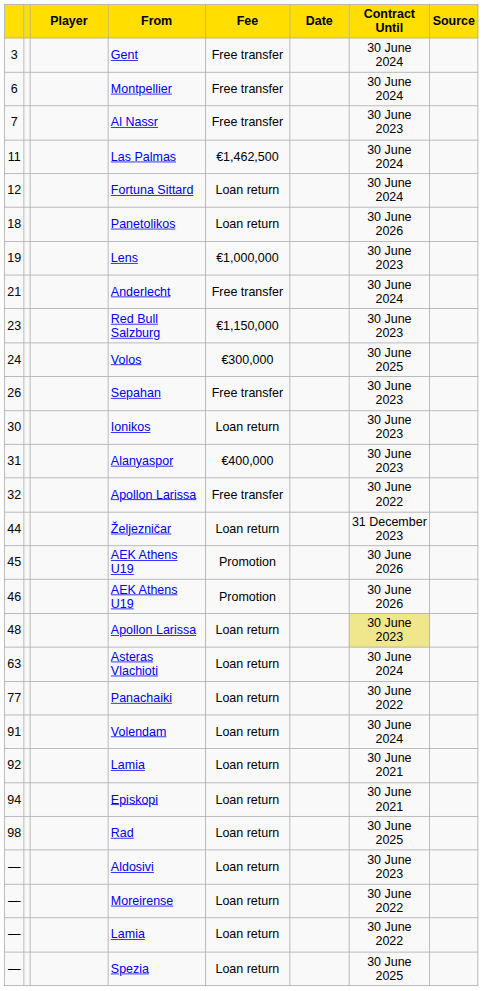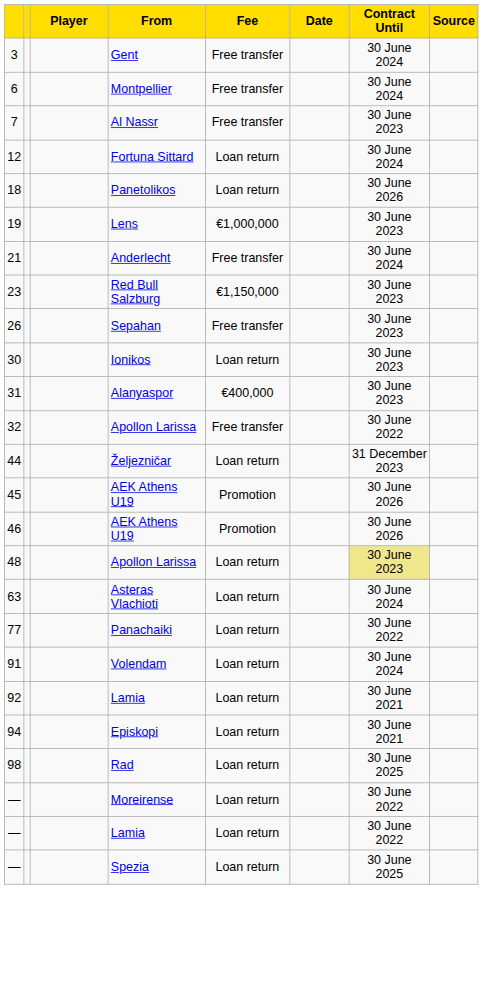 <table class="wikitable sortable">
 <tr>
 <th style="background:#FFDE00"></th>
 <th style="background:#FFDE00"></th>
 <th width=200 style="background:#FFDE00">Player</th>
 <th width=200 style="background:#FFDE00">From</th>
 <th width=150 style="background:#FFDE00">Fee</th>
 <th width=150 style="background:#FFDE00">Date</th>
 <th width=150 style="background:#FFDE00">Contract Until</th>
 <th style="background:#FFDE00">Source</th>
 </tr>
 <tr>
 <td align=center>3</td>
 <td align=center></td>
 <td></td>
 <td> <a href='#'>Gent</a></td>
 <td align=center>Free transfer</td>
 <td align=center></td>
 <td align=center>30 June 2024</td>
 <td align=center></td>
 </tr>
 <tr>
 <td align=center>6</td>
 <td align=center></td>
 <td></td>
 <td> <a href='#'>Montpellier</a></td>
 <td align=center>Free transfer</td>
 <td align=center></td>
 <td align=center>30 June 2024</td>
 <td align=center></td>
 </tr>
 <tr>
 <td align=center>7</td>
 <td align=center></td>
 <td></td>
 <td> <a href='#'>Al Nassr</a></td>
 <td align=center>Free transfer</td>
 <td align=center></td>
 <td align=center>30 June 2023</td>
-<td align=center></td>
-</tr>
-<tr>
-<td align=center>11</td>
-<td align=center></td>
-<td></td>
-<td> <a href='#'>Las Palmas</a></td>
-<td align=center>€1,462,500</td>
-<td align=center></td>
-<td align=center>30 June 2024</td>
 <td align=center></td>
 </tr>
 <tr>
 <td align=center>12</td>
 <td align=center></td>
 <td></td>
 <td> <a href='#'>Fortuna Sittard</a></td>
 <td align=center>Loan return</td>
 <td align=center></td>
 <td align=center>30 June 2024</td>
 <td align=center></td>
 </tr>
 <tr>
 <td align=center>18</td>
 <td align=center></td>
 <td></td>
 <td> <a href='#'>Panetolikos</a></td>
 <td align=center>Loan return</td>
 <td align=center></td>
 <td align=center>30 June 2026</td>
 <td align=center></td>
 </tr>
 <tr>
 <td align=center>19</td>
 <td align=center></td>
 <td></td>
 <td> <a href='#'>Lens</a></td>
 <td align=center>€1,000,000</td>
 <td align=center></td>
 <td align=center>30 June 2023</td>
 <td align=center></td>
 </tr>
 <tr>
 <td align=center>21</td>
 <td align=center></td>
 <td></td>
 <td> <a href='#'>Anderlecht</a></td>
 <td align=center>Free transfer</td>
 <td align=center></td>
 <td align=center>30 June 2024</td>
 <td align=center></td>
 </tr>
 <tr>
 <td align=center>23</td>
 <td align=center></td>
 <td></td>
 <td> <a href='#'>Red Bull Salzburg</a></td>
 <td align=center>€1,150,000</td>
 <td align=center></td>
 <td align=center>30 June 2023</td>
-<td align=center></td>
-</tr>
-<tr>
-<td align=center>24</td>
-<td align=center></td>
-<td></td>
-<td> <a href='#'>Volos</a></td>
-<td align=center>€300,000</td>
-<td align=center></td>
-<td align=center>30 June 2025</td>
 <td align=center></td>
 </tr>
 <tr>
 <td align=center>26</td>
 <td align=center></td>
 <td></td>
 <td> <a href='#'>Sepahan</a></td>
 <td align=center>Free transfer</td>
 <td align=center></td>
 <td align=center>30 June 2023</td>
 <td align=center></td>
 </tr>
 <tr>
 <td align=center>30</td>
 <td align=center></td>
 <td></td>
 <td> <a href='#'>Ionikos</a></td>
 <td align=center>Loan return</td>
 <td align=center></td>
 <td align=center>30 June 2023</td>
 <td align=center></td>
 </tr>
 <tr>
 <td align=center>31</td>
 <td align=center></td>
 <td></td>
 <td> <a href='#'>Alanyaspor</a></td>
 <td align=center>€400,000</td>
 <td align=center></td>
 <td align=center>30 June 2023</td>
 <td align=center></td>
 </tr>
 <tr>
 <td align=center>32</td>
 <td align=center></td>
 <td></td>
 <td> <a href='#'>Apollon Larissa</a></td>
 <td align=center>Free transfer</td>
 <td align=center></td>
 <td align=center>30 June 2022</td>
 <td align=center></td>
 </tr>
 <tr>
 <td align=center>44</td>
 <td align=center></td>
 <td></td>
 <td> <a href='#'>Željezničar</a></td>
 <td align=center>Loan return</td>
 <td align=center></td>
 <td align=center>31 December 2023</td>
 <td align=center></td>
 </tr>
 <tr>
 <td align=center>45</td>
 <td align=center></td>
 <td></td>
 <td> <a href='#'>AEK Athens U19</a></td>
 <td align=center>Promotion</td>
 <td align=center></td>
 <td align=center>30 June 2026</td>
 <td align=center></td>
 </tr>
 <tr>
 <td align=center>46</td>
 <td align=center></td>
 <td></td>
 <td> <a href='#'>AEK Athens U19</a></td>
 <td align=center>Promotion</td>
 <td align=center></td>
 <td align=center>30 June 2026</td>
 <td align=center></td>
 </tr>
 <tr>
 <td align=center>48</td>
 <td align=center></td>
 <td></td>
 <td> <a href='#'>Apollon Larissa</a></td>
 <td align=center>Loan return</td>
 <td align=center></td>
 <td align=center style="background: khaki;">30 June 2023</td>
 <td align=center></td>
 </tr>
 <tr>
 <td align=center>63</td>
 <td align=center></td>
 <td></td>
 <td> <a href='#'>Asteras Vlachioti</a></td>
 <td align=center>Loan return</td>
 <td align=center></td>
 <td align=center>30 June 2024</td>
 <td align=center></td>
 </tr>
 <tr>
 <td align=center>77</td>
 <td align=center></td>
 <td></td>
 <td> <a href='#'>Panachaiki</a></td>
 <td align=center>Loan return</td>
 <td align=center></td>
 <td align=center>30 June 2022</td>
 <td align=center></td>
 </tr>
 <tr>
 <td align=center>91</td>
 <td align=center></td>
 <td></td>
 <td> <a href='#'>Volendam</a></td>
 <td align=center>Loan return</td>
 <td align=center></td>
 <td align=center>30 June 2024</td>
 <td align=center></td>
 </tr>
 <tr>
 <td align=center>92</td>
 <td align=center></td>
 <td></td>
 <td> <a href='#'>Lamia</a></td>
 <td align=center>Loan return</td>
 <td align=center></td>
 <td align=center>30 June 2021</td>
 <td align=center></td>
 </tr>
 <tr>
 <td align=center>94</td>
 <td align=center></td>
 <td></td>
 <td> <a href='#'>Episkopi</a></td>
 <td align=center>Loan return</td>
 <td align=center></td>
 <td align=center>30 June 2021</td>
 <td align=center></td>
 </tr>
 <tr>
 <td align=center>98</td>
 <td align=center></td>
 <td></td>
 <td> <a href='#'>Rad</a></td>
 <td align=center>Loan return</td>
 <td align=center></td>
 <td align=center>30 June 2025</td>
 <td align=center></td>
 </tr>
 <tr>
 <td align=center>—</td>
 <td align=center></td>
 <td></td>
-<td> <a href='#'>Aldosivi</a></td>
-<td align=center>Loan return</td>
-<td align=center></td>
-<td align=center>30 June 2023</td>
-<td align=center></td>
-</tr>
-<tr>
-<td align=center>—</td>
-<td align=center></td>
-<td></td>
 <td> <a href='#'>Moreirense</a></td>
 <td align=center>Loan return</td>
 <td align=center></td>
 <td align=center>30 June 2022</td>
 <td align=center></td>
 </tr>
 <tr>
 <td align=center>—</td>
 <td align=center></td>
 <td></td>
 <td> <a href='#'>Lamia</a></td>
 <td align=center>Loan return</td>
 <td align=center></td>
 <td align=center>30 June 2022</td>
 <td align=center></td>
 </tr>
 <tr>
 <td align=center>—</td>
 <td align=center></td>
 <td></td>
 <td> <a href='#'>Spezia</a></td>
 <td align=center>Loan return</td>
 <td align=center></td>
 <td align=center>30 June 2025</td>
 <td align=center></td>
 </tr>
 </table>
